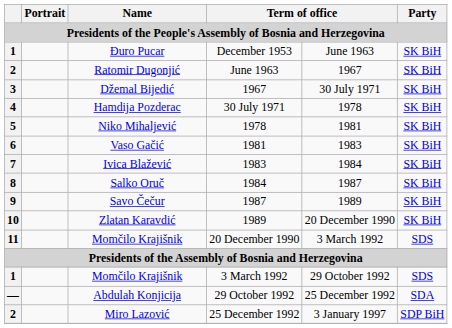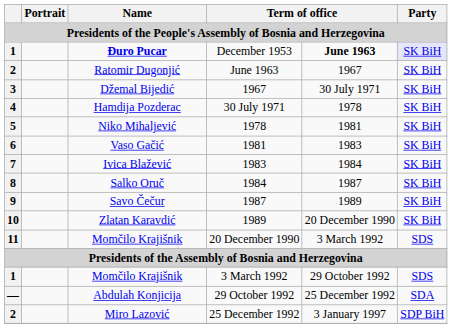 <table class="wikitable" style="text-align:center">
 <tr ->
 <th></th>
 <th>Portrait</th>
 <th width=180>Name<br></th>
 <th colspan=2>Term of office</th>
 <th>Party</th>
 </tr>
 <tr ->
 <td colspan="6" bgcolor="lightgrey" align=center><strong>Presidents of the People's Assembly of Bosnia and Herzegovina</strong></td>
 </tr>
 <tr ->
 <th style="background:">1</th>
 <td></td>
-<td><a href='#'>Đuro Pucar</a><br></td>
+<td><strong><a href='#'>Đuro Pucar</a><br></strong></td>
 <td>December 1953</td>
-<td>June 1963</td>
-<td><a href='#'>SK BiH</a></td>
+<td><strong>June 1963</strong></td>
+<td style="background: lavender;"><a href='#'>SK BiH</a></td>
 </tr>
 <tr ->
 <th style="background:">2</th>
 <td></td>
 <td><a href='#'>Ratomir Dugonjić</a><br></td>
 <td>June 1963</td>
 <td>1967</td>
 <td><a href='#'>SK BiH</a></td>
 </tr>
 <tr ->
 <th style="background:">3</th>
 <td></td>
 <td><a href='#'>Džemal Bijedić</a><br></td>
 <td>1967</td>
 <td>30 July 1971</td>
 <td><a href='#'>SK BiH</a></td>
 </tr>
 <tr ->
 <th style="background:">4</th>
 <td></td>
 <td><a href='#'>Hamdija Pozderac</a><br></td>
 <td>30 July 1971</td>
 <td>1978</td>
 <td><a href='#'>SK BiH</a></td>
 </tr>
 <tr ->
 <th style="background:">5</th>
 <td></td>
 <td><a href='#'>Niko Mihaljević</a></td>
 <td>1978</td>
 <td>1981</td>
 <td><a href='#'>SK BiH</a></td>
 </tr>
 <tr ->
 <th style="background:">6</th>
 <td></td>
 <td><a href='#'>Vaso Gačić</a></td>
 <td>1981</td>
 <td>1983</td>
 <td><a href='#'>SK BiH</a></td>
 </tr>
 <tr ->
 <th style="background:">7</th>
 <td></td>
 <td><a href='#'>Ivica Blažević</a></td>
 <td>1983</td>
 <td>1984</td>
 <td><a href='#'>SK BiH</a></td>
 </tr>
 <tr ->
 <th style="background:">8</th>
 <td></td>
 <td><a href='#'>Salko Oruč</a></td>
 <td>1984</td>
 <td>1987</td>
 <td><a href='#'>SK BiH</a></td>
 </tr>
 <tr ->
 <th style="background:">9</th>
 <td></td>
 <td><a href='#'>Savo Čečur</a></td>
 <td>1987</td>
 <td>1989</td>
 <td><a href='#'>SK BiH</a></td>
 </tr>
 <tr ->
 <th style="background:">10</th>
 <td></td>
 <td><a href='#'>Zlatan Karavdić</a></td>
 <td>1989</td>
 <td>20 December 1990</td>
 <td><a href='#'>SK BiH</a></td>
 </tr>
 <tr ->
 <th style="background:">11</th>
 <td></td>
 <td><a href='#'>Momčilo Krajišnik</a><br></td>
 <td>20 December 1990</td>
 <td>3 March 1992</td>
 <td><a href='#'>SDS</a></td>
 </tr>
 <tr ->
 <td colspan="6" bgcolor="lightgrey" align=center><strong>Presidents of the Assembly of Bosnia and Herzegovina</strong></td>
 </tr>
 <tr ->
 <th style="background:">1</th>
 <td></td>
 <td><a href='#'>Momčilo Krajišnik</a><br></td>
 <td>3 March 1992</td>
 <td>29 October 1992</td>
 <td><a href='#'>SDS</a></td>
 </tr>
 <tr ->
 <th style="background:">—</th>
 <td></td>
 <td><a href='#'>Abdulah Konjicija</a><br></td>
 <td>29 October 1992</td>
 <td>25 December 1992</td>
 <td><a href='#'>SDA</a></td>
 </tr>
 <tr ->
 <th style="background:">2</th>
 <td></td>
 <td><a href='#'>Miro Lazović</a><br></td>
 <td>25 December 1992</td>
 <td>3 January 1997</td>
 <td><a href='#'>SDP BiH</a></td>
 </tr>
 <tr ->
 </tr>
 </table>
